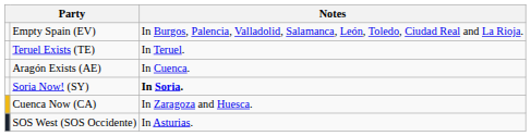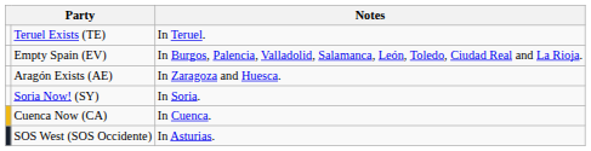 <table class="wikitable" style="text-align:left; font-size:97%;">
 <tr>
 <th colspan="2">Party</th>
 <th>Notes</th>
+</tr>
+<tr>
+<td></td>
+<td><a href='#'>Teruel Exists</a> (TE)</td>
+<td>In <a href='#'>Teruel</a>.</td>
 </tr>
 <tr>
 <td></td>
 <td>Empty Spain (EV)</td>
 <td>In <a href='#'>Burgos</a>, <a href='#'>Palencia</a>, <a href='#'>Valladolid</a>, <a href='#'>Salamanca</a>, <a href='#'>León</a>, <a href='#'>Toledo</a>, <a href='#'>Ciudad Real</a> and <a href='#'>La Rioja</a>.</td>
 </tr>
 <tr>
 <td></td>
-<td><a href='#'>Teruel Exists</a> (TE)</td>
-<td>In <a href='#'>Teruel</a>.</td>
-</tr>
-<tr>
-<td></td>
 <td>Aragón Exists (AE)</td>
-<td>In <a href='#'>Cuenca</a>.</td>
+<td>In <a href='#'>Zaragoza</a> and <a href='#'>Huesca</a>.</td>
 </tr>
 <tr>
 <td></td>
 <td><a href='#'>Soria Now!</a> (SY)</td>
-<td><strong>In <a href='#'>Soria</a>.</strong></td>
+<td>In <a href='#'>Soria</a>.</td>
 </tr>
 <tr>
 <td bgcolor="#F0B914"></td>
 <td>Cuenca Now (CA)</td>
-<td>In <a href='#'>Zaragoza</a> and <a href='#'>Huesca</a>.</td>
+<td>In <a href='#'>Cuenca</a>.</td>
 </tr>
 <tr>
 <td bgcolor="#1A222F"></td>
 <td>SOS West (SOS Occidente)</td>
 <td>In <a href='#'>Asturias</a>.</td>
 </tr>
 </table>
